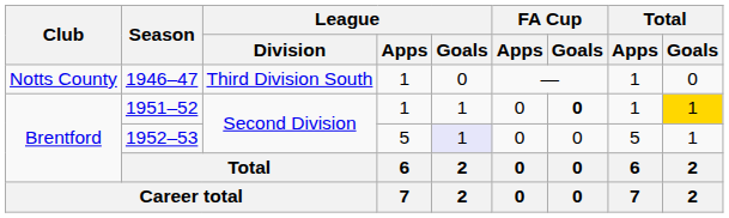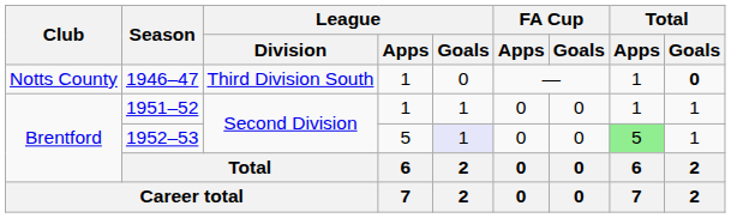 <table class="wikitable" style="text-align: center;">
 <tr>
 <th rowspan="2">Club</th>
 <th rowspan="2">Season</th>
 <th colspan="3">League</th>
 <th colspan="2">FA Cup</th>
 <th colspan="2">Total</th>
 </tr>
 <tr>
 <th>Division</th>
 <th>Apps</th>
 <th>Goals</th>
 <th>Apps</th>
 <th>Goals</th>
 <th>Apps</th>
 <th>Goals</th>
 </tr>
 <tr>
 <td><a href='#'>Notts County</a></td>
 <td><a href='#'>1946–47</a></td>
 <td><a href='#'>Third Division South</a></td>
 <td>1</td>
 <td>0</td>
 <td colspan="2">―</td>
 <td>1</td>
-<td>0</td>
+<td><strong>0</strong></td>
 </tr>
 <tr>
 <td rowspan="3"><a href='#'>Brentford</a></td>
 <td><a href='#'>1951–52</a></td>
 <td rowspan="2"><a href='#'>Second Division</a></td>
 <td>1</td>
 <td>1</td>
 <td>0</td>
-<td><strong>0</strong></td>
+<td>0</td>
 <td>1</td>
-<td style="background: gold;">1</td>
+<td>1</td>
 </tr>
 <tr>
 <td><a href='#'>1952–53</a></td>
 <td>5</td>
 <td style="background: lavender;">1</td>
 <td>0</td>
 <td>0</td>
-<td>5</td>
+<td style="background: lightgreen;">5</td>
 <td>1</td>
 </tr>
 <tr>
 <th colspan="2">Total</th>
 <th>6</th>
 <th>2</th>
 <th>0</th>
 <th>0</th>
 <th>6</th>
 <th>2</th>
 </tr>
 <tr>
 <th colspan="3">Career total</th>
 <th>7</th>
 <th>2</th>
 <th>0</th>
 <th>0</th>
 <th>7</th>
 <th>2</th>
 </tr>
 </table>
